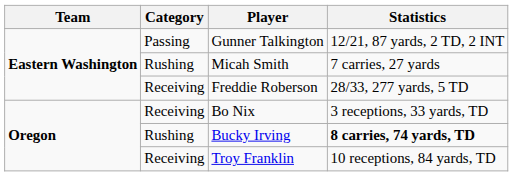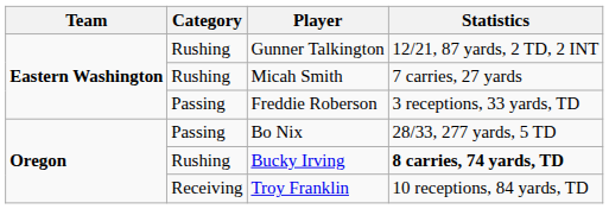 <table class="wikitable" style="float: right;">
 <tr>
 <th>Team</th>
 <th>Category</th>
 <th>Player</th>
 <th>Statistics</th>
 </tr>
 <tr>
 <td rowspan=3><strong>Eastern Washington</strong></td>
-<td>Passing</td>
+<td>Rushing</td>
 <td>Gunner Talkington</td>
 <td>12/21, 87 yards, 2 TD, 2 INT</td>
 </tr>
 <tr>
 <td>Rushing</td>
 <td>Micah Smith</td>
 <td>7 carries, 27 yards</td>
 </tr>
 <tr>
-<td>Receiving</td>
+<td>Passing</td>
 <td>Freddie Roberson</td>
-<td>28/33, 277 yards, 5 TD</td>
+<td>3 receptions, 33 yards, TD</td>
 </tr>
 <tr>
 <td rowspan=3><strong>Oregon</strong></td>
-<td>Receiving</td>
+<td>Passing</td>
 <td>Bo Nix</td>
-<td>3 receptions, 33 yards, TD</td>
+<td>28/33, 277 yards, 5 TD</td>
 </tr>
 <tr>
 <td>Rushing</td>
 <td><a href='#'>Bucky Irving</a></td>
 <td><strong>8 carries, 74 yards, TD</strong></td>
 </tr>
 <tr>
 <td>Receiving</td>
 <td><a href='#'>Troy Franklin</a></td>
 <td>10 receptions, 84 yards, TD</td>
 </tr>
 </table>
